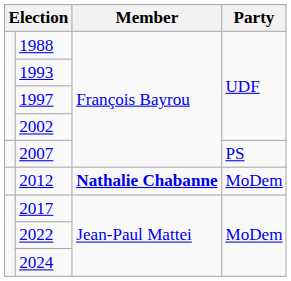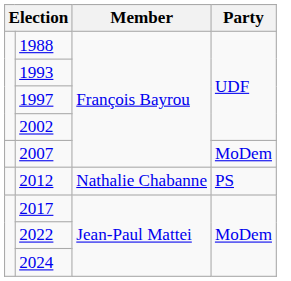 <table class="wikitable">
 <tr>
 <th colspan=2>Election</th>
 <th>Member</th>
 <th>Party</th>
 </tr>
 <tr>
 <td rowspan="4" style="background-color: "></td>
 <td><a href='#'>1988</a></td>
 <td rowspan="5"><a href='#'>François Bayrou</a></td>
 <td rowspan="4"><a href='#'>UDF</a></td>
 </tr>
 <tr>
 <td><a href='#'>1993</a></td>
 </tr>
 <tr>
 <td><a href='#'>1997</a></td>
 </tr>
 <tr>
 <td><a href='#'>2002</a></td>
 </tr>
 <tr>
 <td style="background-color: "></td>
 <td><a href='#'>2007</a></td>
-<td><a href='#'>PS</a></td>
+<td><a href='#'>MoDem</a></td>
 </tr>
 <tr>
 <td style="background-color: "></td>
 <td><a href='#'>2012</a></td>
-<td><strong><a href='#'>Nathalie Chabanne</a></strong></td>
-<td><a href='#'>MoDem</a></td>
+<td><a href='#'>Nathalie Chabanne</a></td>
+<td><a href='#'>PS</a></td>
 </tr>
 <tr>
 <td rowspan="3" style="background-color: "></td>
 <td><a href='#'>2017</a></td>
 <td rowspan="3"><a href='#'>Jean-Paul Mattei</a></td>
 <td rowspan="3"><a href='#'>MoDem</a></td>
 </tr>
 <tr>
 <td><a href='#'>2022</a></td>
 </tr>
 <tr>
 <td><a href='#'>2024</a></td>
 </tr>
 </table>
